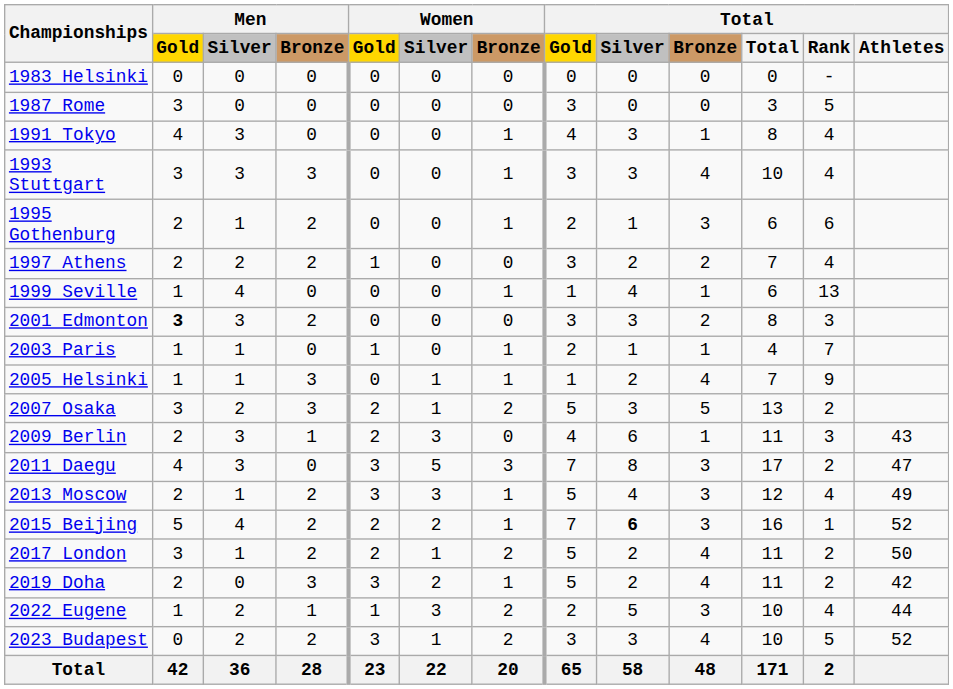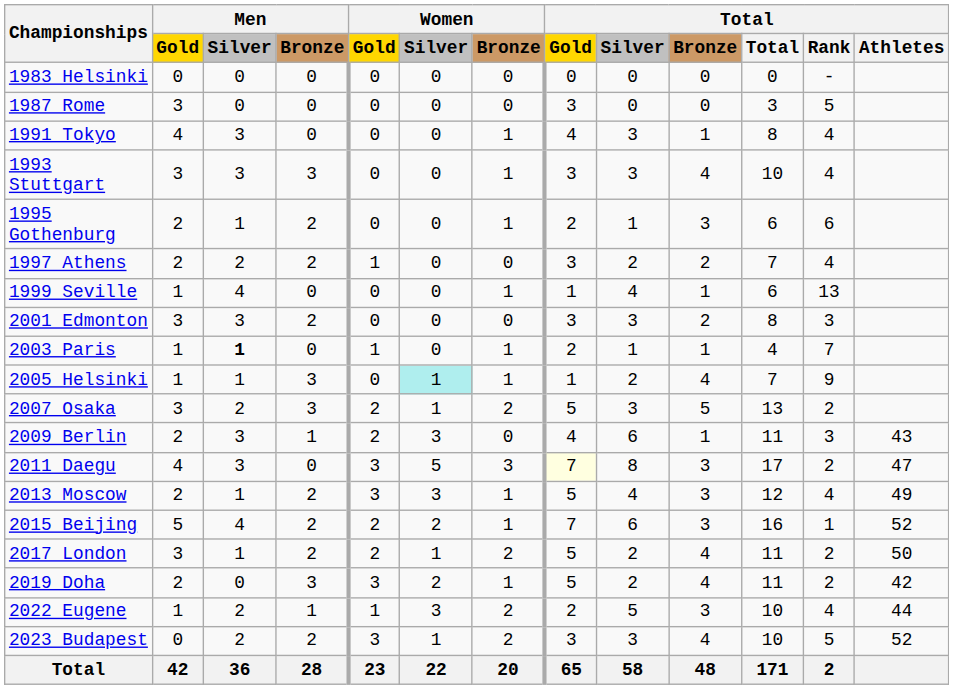 <table class="wikitable" style="text-align:center">
 <tr>
 <th rowspan="2">Championships</th>
 <th colspan="3">Men</th>
 <th colspan="3">Women</th>
 <th colspan="6">Total</th>
 </tr>
 <tr>
 <th style="background-color: gold;">Gold</th>
 <th style="background-color: silver;">Silver</th>
 <th style="background-color: #cc9966;">Bronze</th>
 <th style="background-color: gold;">Gold</th>
 <th style="background-color: silver;">Silver</th>
 <th style="background-color: #cc9966;">Bronze</th>
 <th style="background-color: gold;">Gold</th>
 <th style="background-color: silver;">Silver</th>
 <th style="background-color: #cc9966;">Bronze</th>
 <th>Total</th>
 <th>Rank</th>
 <th>Athletes</th>
 </tr>
 <tr>
 <td align="left"><a href='#'>1983 Helsinki</a></td>
 <td>0</td>
 <td>0</td>
 <td>0</td>
 <td style="border-left-width: 3px;">0</td>
 <td>0</td>
 <td>0</td>
 <td style="border-left-width: 3px;">0</td>
 <td>0</td>
 <td>0</td>
 <td>0</td>
 <td>-</td>
 <td></td>
 </tr>
 <tr>
 <td align="left"><a href='#'>1987 Rome</a></td>
 <td>3</td>
 <td>0</td>
 <td>0</td>
 <td style="border-left-width: 3px;">0</td>
 <td>0</td>
 <td>0</td>
 <td style="border-left-width: 3px;">3</td>
 <td>0</td>
 <td>0</td>
 <td>3</td>
 <td>5</td>
 <td></td>
 </tr>
 <tr>
 <td align="left"><a href='#'>1991 Tokyo</a></td>
 <td>4</td>
 <td>3</td>
 <td>0</td>
 <td style="border-left-width: 3px;">0</td>
 <td>0</td>
 <td>1</td>
 <td style="border-left-width: 3px;">4</td>
 <td>3</td>
 <td>1</td>
 <td>8</td>
 <td>4</td>
 <td></td>
 </tr>
 <tr>
 <td align="left"><a href='#'>1993 Stuttgart</a></td>
 <td>3</td>
 <td>3</td>
 <td>3</td>
 <td style="border-left-width: 3px;">0</td>
 <td>0</td>
 <td>1</td>
 <td style="border-left-width: 3px;">3</td>
 <td>3</td>
 <td>4</td>
 <td>10</td>
 <td>4</td>
 <td></td>
 </tr>
 <tr>
 <td align="left"><a href='#'>1995 Gothenburg</a></td>
 <td>2</td>
 <td>1</td>
 <td>2</td>
 <td style="border-left-width: 3px;">0</td>
 <td>0</td>
 <td>1</td>
 <td style="border-left-width: 3px;">2</td>
 <td>1</td>
 <td>3</td>
 <td>6</td>
 <td>6</td>
 <td></td>
 </tr>
 <tr>
 <td align="left"><a href='#'>1997 Athens</a></td>
 <td>2</td>
 <td>2</td>
 <td>2</td>
 <td style="border-left-width: 3px;">1</td>
 <td>0</td>
 <td>0</td>
 <td style="border-left-width: 3px;">3</td>
 <td>2</td>
 <td>2</td>
 <td>7</td>
 <td>4</td>
 <td></td>
 </tr>
 <tr>
 <td align="left"><a href='#'>1999 Seville</a></td>
 <td>1</td>
 <td>4</td>
 <td>0</td>
 <td style="border-left-width: 3px;">0</td>
 <td>0</td>
 <td>1</td>
 <td style="border-left-width: 3px;">1</td>
 <td>4</td>
 <td>1</td>
 <td>6</td>
 <td>13</td>
 <td></td>
 </tr>
 <tr>
 <td align="left"><a href='#'>2001 Edmonton</a></td>
-<td><strong>3</strong></td>
+<td>3</td>
 <td>3</td>
 <td>2</td>
 <td style="border-left-width: 3px;">0</td>
 <td>0</td>
 <td>0</td>
 <td style="border-left-width: 3px;">3</td>
 <td>3</td>
 <td>2</td>
 <td>8</td>
 <td>3</td>
 <td></td>
 </tr>
 <tr>
 <td align="left"><a href='#'>2003 Paris</a></td>
 <td>1</td>
-<td>1</td>
+<td><strong>1</strong></td>
 <td>0</td>
 <td style="border-left-width: 3px;">1</td>
 <td>0</td>
 <td>1</td>
 <td style="border-left-width: 3px;">2</td>
 <td>1</td>
 <td>1</td>
 <td>4</td>
 <td>7</td>
 <td></td>
 </tr>
 <tr>
 <td align="left"><a href='#'>2005 Helsinki</a></td>
 <td>1</td>
 <td>1</td>
 <td>3</td>
 <td style="border-left-width: 3px;">0</td>
-<td>1</td>
+<td style="background: paleturquoise;">1</td>
 <td>1</td>
 <td style="border-left-width: 3px;">1</td>
 <td>2</td>
 <td>4</td>
 <td>7</td>
 <td>9</td>
 <td></td>
 </tr>
 <tr>
 <td align="left"><a href='#'>2007 Osaka</a></td>
 <td>3</td>
 <td>2</td>
 <td>3</td>
 <td style="border-left-width: 3px;">2</td>
 <td>1</td>
 <td>2</td>
 <td style="border-left-width: 3px;">5</td>
 <td>3</td>
 <td>5</td>
 <td>13</td>
 <td>2</td>
 <td></td>
 </tr>
 <tr>
 <td align="left"><a href='#'>2009 Berlin</a></td>
 <td>2</td>
 <td>3</td>
 <td>1</td>
 <td style="border-left-width: 3px;">2</td>
 <td>3</td>
 <td>0</td>
 <td style="border-left-width: 3px;">4</td>
 <td>6</td>
 <td>1</td>
 <td>11</td>
 <td>3</td>
 <td>43</td>
 </tr>
 <tr>
 <td align="left"><a href='#'>2011 Daegu</a></td>
 <td>4</td>
 <td>3</td>
 <td>0</td>
 <td style="border-left-width: 3px;">3</td>
 <td>5</td>
 <td>3</td>
-<td style="border-left-width: 3px;">7</td>
+<td style="background: lightyellow; border-left-width: 3px;">7</td>
 <td>8</td>
 <td>3</td>
 <td>17</td>
 <td>2</td>
 <td>47</td>
 </tr>
 <tr>
 <td align="left"><a href='#'>2013 Moscow</a></td>
 <td>2</td>
 <td>1</td>
 <td>2</td>
 <td style="border-left-width: 3px;">3</td>
 <td>3</td>
 <td>1</td>
 <td style="border-left-width: 3px;">5</td>
 <td>4</td>
 <td>3</td>
 <td>12</td>
 <td>4</td>
 <td>49</td>
 </tr>
 <tr>
 <td align="left"><a href='#'>2015 Beijing</a></td>
 <td>5</td>
 <td>4</td>
 <td>2</td>
 <td style="border-left-width: 3px;">2</td>
 <td>2</td>
 <td>1</td>
 <td style="border-left-width: 3px;">7</td>
-<td><strong>6</strong></td>
+<td>6</td>
 <td>3</td>
 <td>16</td>
 <td>1</td>
 <td>52</td>
 </tr>
 <tr>
 <td align="left"><a href='#'>2017 London</a></td>
 <td>3</td>
 <td>1</td>
 <td>2</td>
 <td style="border-left-width: 3px;">2</td>
 <td>1</td>
 <td>2</td>
 <td style="border-left-width: 3px;">5</td>
 <td>2</td>
 <td>4</td>
 <td>11</td>
 <td>2</td>
 <td>50</td>
 </tr>
 <tr>
 <td align="left"><a href='#'>2019 Doha</a></td>
 <td>2</td>
 <td>0</td>
 <td>3</td>
 <td style="border-left-width: 3px;">3</td>
 <td>2</td>
 <td>1</td>
 <td style="border-left-width: 3px;">5</td>
 <td>2</td>
 <td>4</td>
 <td>11</td>
 <td>2</td>
 <td>42</td>
 </tr>
 <tr>
 <td align="left"><a href='#'>2022 Eugene</a></td>
 <td>1</td>
 <td>2</td>
 <td>1</td>
 <td style="border-left-width: 3px;">1</td>
 <td>3</td>
 <td>2</td>
 <td style="border-left-width: 3px;">2</td>
 <td>5</td>
 <td>3</td>
 <td>10</td>
 <td>4</td>
 <td>44</td>
 </tr>
 <tr>
 <td align="left"><a href='#'>2023 Budapest</a></td>
 <td>0</td>
 <td>2</td>
 <td>2</td>
 <td style="border-left-width: 3px;">3</td>
 <td>1</td>
 <td>2</td>
 <td style="border-left-width: 3px;">3</td>
 <td>3</td>
 <td>4</td>
 <td>10</td>
 <td>5</td>
 <td>52</td>
 </tr>
 <tr>
 <th align="left"><strong>Total</strong></th>
 <th><strong>42</strong></th>
 <th><strong>36</strong></th>
 <th><strong>28</strong></th>
 <th style="border-left-width: 3px;"><strong>23</strong></th>
 <th><strong>22</strong></th>
 <th><strong>20</strong></th>
 <th style="border-left-width: 3px;"><strong>65</strong></th>
 <th><strong>58</strong></th>
 <th><strong>48</strong></th>
 <th><strong>171</strong></th>
 <th>2</th>
 <th></th>
 </tr>
 </table>
